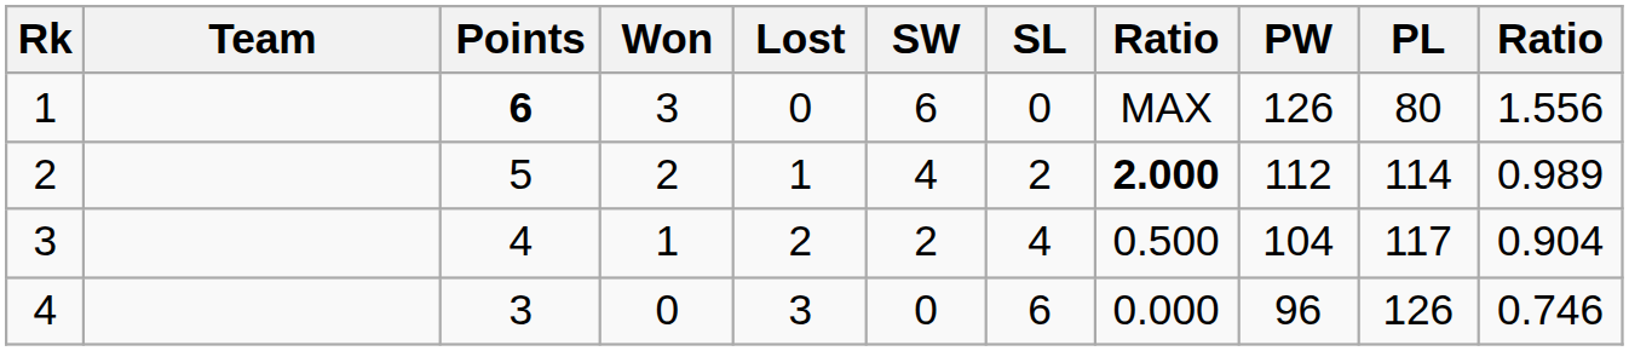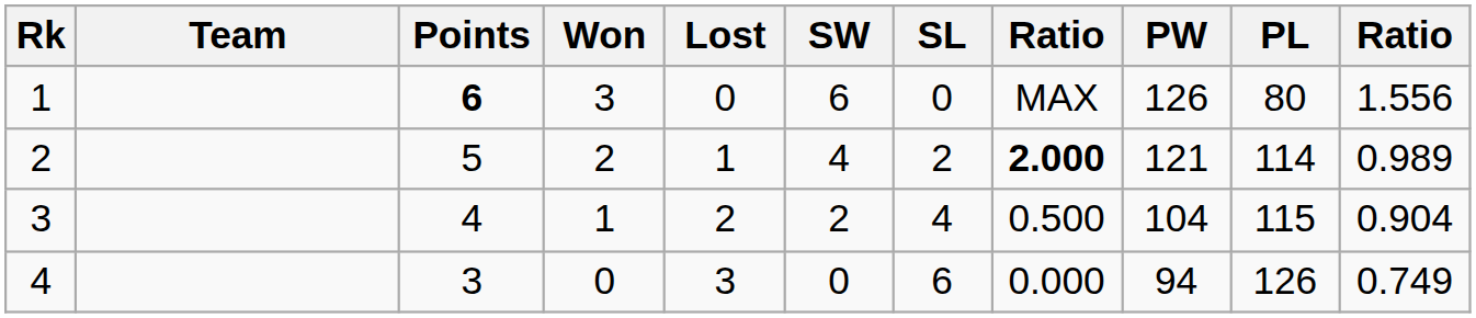 <table class=wikitable style=text-align:center>
 <tr>
 <th width=25>Rk</th>
 <th width=300>Team</th>
 <th width=60>Points</th>
 <th width=60>Won</th>
 <th width=60>Lost</th>
 <th width=60>SW</th>
 <th width=60>SL</th>
 <th width=60>Ratio</th>
 <th width=60>PW</th>
 <th width=60>PL</th>
 <th width=60>Ratio</th>
 </tr>
 <tr>
 <td>1</td>
 <td></td>
 <td><strong>6</strong></td>
 <td>3</td>
 <td>0</td>
 <td>6</td>
 <td>0</td>
 <td>MAX</td>
 <td>126</td>
 <td>80</td>
 <td>1.556</td>
 </tr>
 <tr>
 <td>2</td>
 <td></td>
 <td>5</td>
 <td>2</td>
 <td>1</td>
 <td>4</td>
 <td>2</td>
 <td><strong>2.000</strong></td>
-<td>112</td>
+<td>121</td>
 <td>114</td>
 <td>0.989</td>
 </tr>
 <tr>
 <td>3</td>
 <td></td>
 <td>4</td>
 <td>1</td>
 <td>2</td>
 <td>2</td>
 <td>4</td>
 <td>0.500</td>
 <td>104</td>
-<td>117</td>
+<td>115</td>
 <td>0.904</td>
 </tr>
 <tr>
 <td>4</td>
 <td></td>
 <td>3</td>
 <td>0</td>
 <td>3</td>
 <td>0</td>
 <td>6</td>
 <td>0.000</td>
-<td>96</td>
+<td>94</td>
 <td>126</td>
-<td>0.746</td>
+<td>0.749</td>
 </tr>
 </table>
